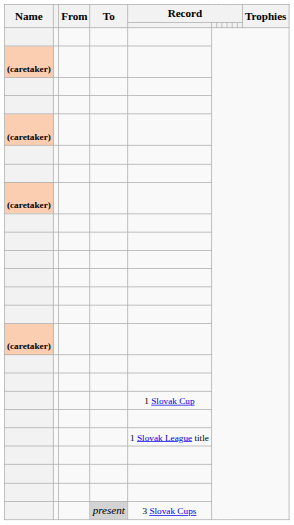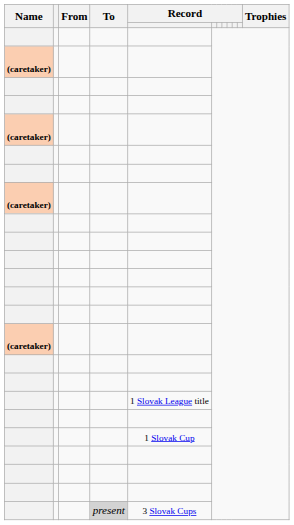 <table class="wikitable plainrowheaders sortable" style="font-size:95%; text-align:center;">
 <tr>
 <th rowspan="2" scope=col>Name</th>
 <th rowspan="2" scope=col></th>
 <th rowspan="2" scope=col>From</th>
 <th rowspan="2" scope=col>To</th>
 <th colspan="7" class="unsortable" scope=col>Record</th>
 <th rowspan="2" scope=col>Trophies</th>
 </tr>
 <tr>
 <th scope=col></th>
 <th scope=col></th>
 <th scope=col></th>
 <th scope=col></th>
 <th scope=col></th>
 <th scope=col></th>
 <th scope=col></th>
 </tr>
 <tr>
 <th scope="row" style="text-align:left"></th>
 <td align=left></td>
 <td align=left></td>
 <td align=left><br></td>
 <td></td>
 </tr>
 <tr>
 <th scope=row style=background:#FBCEB1><br><small>(caretaker)</small></th>
 <td align=left></td>
 <td align=left></td>
 <td align=left><br></td>
 <td></td>
 </tr>
 <tr>
 <th scope="row" style="text-align:left"></th>
 <td align=left></td>
 <td align=left></td>
 <td align=left><br></td>
 <td></td>
 </tr>
 <tr>
 <th scope="row" style="text-align:left"></th>
 <td align=left></td>
 <td align=left></td>
 <td align=left><br></td>
 <td></td>
 </tr>
 <tr>
 <th scope=row style=background:#FBCEB1><br><small>(caretaker)</small></th>
 <td align=left></td>
 <td align=left></td>
 <td align=left><br></td>
 <td></td>
 </tr>
 <tr>
 <th scope="row" style="text-align:left"></th>
 <td align=left></td>
 <td align=left></td>
 <td align=left><br></td>
 <td></td>
 </tr>
 <tr>
 <th scope="row" style="text-align:left"></th>
 <td align=left></td>
 <td align=left></td>
 <td align=left><br></td>
 <td></td>
 </tr>
 <tr>
 <th scope=row style=background:#FBCEB1><br><small>(caretaker)</small></th>
 <td align=left></td>
 <td align=left></td>
 <td align=left><br></td>
 <td></td>
 </tr>
 <tr>
 <th scope="row" style="text-align:left"></th>
 <td align=left></td>
 <td align=left></td>
 <td align=left><br></td>
 <td></td>
 </tr>
 <tr>
 <th scope="row" style="text-align:left"></th>
 <td align=left></td>
 <td align=left></td>
 <td align=left><br></td>
 <td></td>
 </tr>
 <tr>
 <th scope="row" style="text-align:left"></th>
 <td align=left></td>
 <td align=left></td>
 <td align=left><br></td>
 <td></td>
 </tr>
 <tr>
 <th scope="row" style="text-align:left"></th>
 <td align=left></td>
 <td align=left></td>
 <td align=left><br></td>
 <td></td>
 </tr>
 <tr>
 <th scope="row" style="text-align:left"></th>
 <td align=left></td>
 <td align=left></td>
 <td align=left><br></td>
 <td></td>
 </tr>
 <tr>
 <th scope="row" style="text-align:left"></th>
 <td align=left></td>
 <td align=left></td>
 <td align=left><br></td>
 <td></td>
 </tr>
 <tr>
 <th scope=row style=background:#FBCEB1><br><small>(caretaker)</small></th>
 <td align=left></td>
 <td align=left></td>
 <td align=left><br></td>
 <td></td>
 </tr>
 <tr>
 <th scope="row" style="text-align:left"></th>
 <td align=left></td>
 <td align=left></td>
 <td align=left><br></td>
 <td></td>
 </tr>
 <tr>
 <th scope="row" style="text-align:left"></th>
 <td align=left></td>
 <td align=left></td>
 <td align=left><br></td>
 <td></td>
 </tr>
 <tr>
 <th scope="row" style="text-align:left"></th>
 <td align=left></td>
 <td align=left></td>
 <td align=left><br></td>
-<td><small>1 <a href='#'>Slovak Cup</a> </small></td>
+<td><small>1 <a href='#'>Slovak League</a> title</small></td>
 </tr>
 <tr>
 <th scope="row" style="text-align:left"></th>
 <td align=left></td>
 <td align=left></td>
 <td align=left><br></td>
 <td></td>
 </tr>
 <tr>
 <th scope="row" style="text-align:left"></th>
 <td align=left></td>
 <td align=left></td>
 <td align=left><br></td>
-<td><small>1 <a href='#'>Slovak League</a> title</small></td>
+<td><small>1 <a href='#'>Slovak Cup</a> </small></td>
 </tr>
 <tr>
 <th scope="row" style="text-align:left"></th>
 <td align=left></td>
 <td align=left></td>
 <td align=left><br></td>
 <td></td>
 </tr>
 <tr>
 <th scope="row" style="text-align:left"></th>
 <td align=left></td>
 <td align=left></td>
 <td align=left><br></td>
 <td></td>
 </tr>
 <tr>
 <th scope="row" style="text-align:left"></th>
 <td align=left></td>
 <td align=left></td>
 <td align=left><br></td>
 <td></td>
 </tr>
 <tr>
 <th scope="row" style="text-align:left"></th>
 <td align=left></td>
 <td align=left></td>
 <td align=left style="background: lightgrey;"><em>present</em><br></td>
 <td><small>3 <a href='#'>Slovak Cups</a> </small></td>
 </tr>
 </table>
